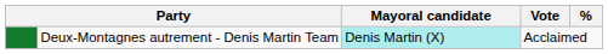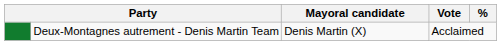 <table class="wikitable">
 <tr>
 <th bgcolor="#DDDDFF" width="230px" colspan="2">Party</th>
 <th bgcolor="#DDDDFF" width="200px">Mayoral candidate</th>
 <th bgcolor="#DDDDFF" width="50px">Vote</th>
 <th bgcolor="#DDDDFF" width="30px">%</th>
 </tr>
 <tr>
 <td bgcolor=#117C2E width="30px"> </td>
 <td>Deux-Montagnes autrement - Denis Martin Team</td>
-<td style="background: paleturquoise;">Denis Martin (X)</td>
+<td>Denis Martin (X)</td>
 <td colspan="2">Acclaimed</td>
 </tr>
 </table>
